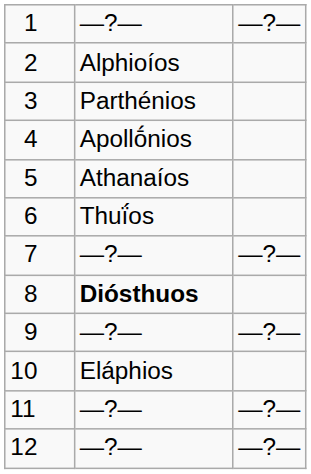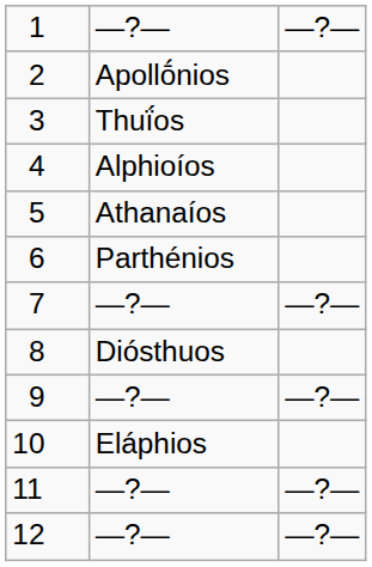 <table class="wikitable">
 <tr>
 <td>  1</td>
 <td>—?—</td>
 <td>—?—</td>
 </tr>
 <tr>
 <td>  2</td>
-<td>Alphioíos</td>
+<td>Apollṓnios</td>
 <td></td>
 </tr>
 <tr>
 <td>  3  </td>
-<td>Parthénios  </td>
+<td>Thuḯos</td>
 <td></td>
 </tr>
 <tr>
 <td>  4</td>
-<td>Apollṓnios</td>
+<td>Alphioíos</td>
 <td></td>
 </tr>
 <tr>
 <td>  5</td>
 <td>Athanaíos</td>
 <td></td>
 </tr>
 <tr>
 <td>  6</td>
-<td>Thuḯos</td>
+<td>Parthénios  </td>
 <td></td>
 </tr>
 <tr>
 <td>  7</td>
 <td>—?—</td>
 <td>—?—</td>
 </tr>
 <tr>
 <td>  8</td>
-<td><strong>Diósthuos</strong></td>
+<td>Diósthuos</td>
 <td></td>
 </tr>
 <tr>
 <td>  9</td>
 <td>—?—</td>
 <td>—?—</td>
 </tr>
 <tr>
 <td>10</td>
 <td>Eláphios</td>
 <td></td>
 </tr>
 <tr>
 <td>11</td>
 <td>—?—</td>
 <td>—?—</td>
 </tr>
 <tr>
 <td>12</td>
 <td>—?—</td>
 <td>—?—</td>
 </tr>
 </table>
